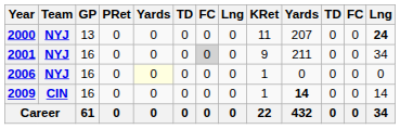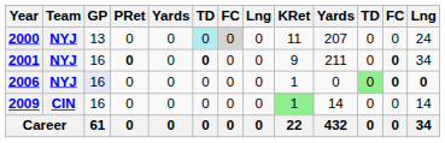 <table class="wikitable" style="text-align: center;">
 <tr>
 <th>Year</th>
 <th>Team</th>
 <th>GP</th>
 <th>PRet</th>
 <th>Yards</th>
 <th>TD</th>
 <th>FC</th>
 <th>Lng</th>
 <th>KRet</th>
 <th>Yards</th>
 <th>TD</th>
 <th>FC</th>
 <th>Lng</th>
 </tr>
 <tr>
 <th><a href='#'>2000</a></th>
 <th><a href='#'>NYJ</a></th>
 <td>13</td>
 <td>0</td>
 <td>0</td>
-<td>0</td>
-<td>0</td>
+<td style="background: paleturquoise;">0</td>
+<td style="background: lightgrey;">0</td>
 <td>0</td>
 <td>11</td>
 <td>207</td>
 <td>0</td>
 <td>0</td>
-<td><strong>24</strong></td>
+<td>24</td>
 </tr>
 <tr>
 <th><a href='#'>2001</a></th>
 <th><a href='#'>NYJ</a></th>
 <td>16</td>
+<td><strong>0</strong></td>
 <td>0</td>
+<td><strong>0</strong></td>
 <td>0</td>
-<td>0</td>
-<td style="background: lightgrey;">0</td>
 <td>0</td>
 <td>9</td>
 <td>211</td>
 <td>0</td>
-<td>0</td>
+<td><strong>0</strong></td>
 <td>34</td>
 </tr>
 <tr>
 <th><a href='#'>2006</a></th>
 <th><a href='#'>NYJ</a></th>
-<td>16</td>
+<td style="background: lavender;">16</td>
 <td>0</td>
-<td style="background: lightyellow;">0</td>
+<td>0</td>
 <td>0</td>
 <td>0</td>
 <td>0</td>
 <td>1</td>
 <td>0</td>
-<td>0</td>
-<td>0</td>
-<td>0</td>
+<td style="background: lightgreen;">0</td>
+<td><strong>0</strong></td>
+<td><strong>0</strong></td>
 </tr>
 <tr>
 <th><a href='#'>2009</a></th>
 <th><a href='#'>CIN</a></th>
 <td>16</td>
 <td>0</td>
 <td>0</td>
 <td>0</td>
 <td>0</td>
 <td>0</td>
-<td>1</td>
-<td><strong>14</strong></td>
+<td style="background: lightgreen;">1</td>
+<td>14</td>
 <td>0</td>
 <td>0</td>
 <td>14</td>
 </tr>
 <tr>
 <th colspan="2">Career</th>
 <th>61</th>
 <th>0</th>
 <th>0</th>
 <th>0</th>
 <th>0</th>
 <th>0</th>
 <th>22</th>
 <th>432</th>
 <th>0</th>
 <th>0</th>
 <th>34</th>
 </tr>
 </table>
